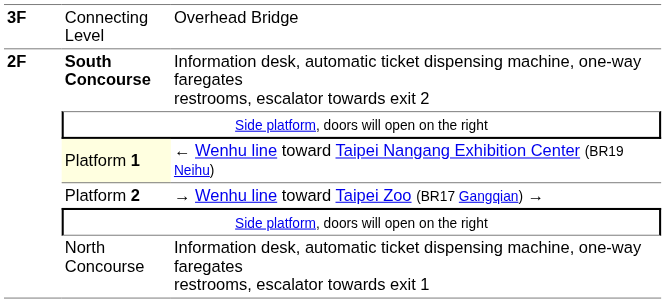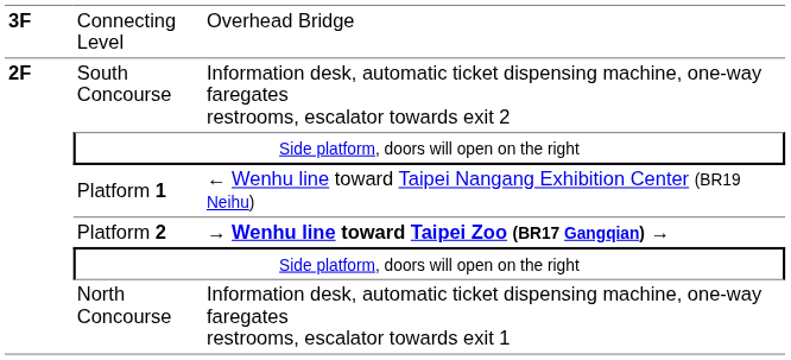 <table table border=0 cellspacing=0 cellpadding=3>
 <tr>
 <td style="border-bottom:solid 1px gray;border-top:solid 1px gray;" width=50 valign=top><strong>3F</strong></td>
 <td style="border-top:solid 1px gray;border-bottom:solid 1px gray;" width=100 valign=top>Connecting Level</td>
 <td style="border-top:solid 1px gray;border-bottom:solid 1px gray;" width=470 valign=top>Overhead Bridge</td>
 </tr>
 <tr>
 <td style="border-bottom:solid 1px gray;" width=50 rowspan=8 valign=top><strong>2F</strong></td>
 </tr>
 <tr>
-<td style="border-top:solid 0px white;" valign=top><strong>South Concourse</strong></td>
+<td style="border-top:solid 0px white;" valign=top>South Concourse</td>
 <td>Information desk, automatic ticket dispensing machine, one-way faregates<br>restrooms, escalator towards exit 2</td>
 </tr>
 <tr>
 <td style="border-right:solid 2px black;border-left:solid 2px black;border-bottom:solid 2px black;border-top:solid 1px gray;text-align:center;" colspan=2><small><a href='#'>Side platform</a>, doors will open on the right</small></td>
 </tr>
 <tr>
-<td style="background: lightyellow; border-bottom:solid 1px gray;" width=100>Platform <span><strong>1</strong></span></td>
+<td style="border-bottom:solid 1px gray;" width=100>Platform <span><strong>1</strong></span></td>
 <td style="border-bottom:solid 1px gray;" width=390>←  <a href='#'>Wenhu line</a> toward <a href='#'>Taipei Nangang Exhibition Center</a> <small>(BR19 <a href='#'>Neihu</a>)</small></td>
 </tr>
 <tr>
 <td>Platform <span><strong>2</strong></span></td>
-<td><span>→</span>  <a href='#'>Wenhu line</a> toward <a href='#'>Taipei Zoo</a> <small>(BR17 <a href='#'>Gangqian</a>)</small> →</td>
+<td><strong><span>→</span>  <a href='#'>Wenhu line</a> toward <a href='#'>Taipei Zoo</a> <small>(BR17 <a href='#'>Gangqian</a>)</small> →</strong></td>
 </tr>
 <tr>
 <td style="border-top:solid 2px black;border-right:solid 2px black;border-left:solid 2px black;border-bottom:solid 1px gray;text-align:center;" colspan=2><small><a href='#'>Side platform</a>, doors will open on the right</small></td>
 </tr>
 <tr>
 <td style="border-bottom:solid 1px gray;" valign=top>North Concourse</td>
 <td style="border-bottom:solid 1px gray;">Information desk, automatic ticket dispensing machine, one-way faregates<br>restrooms, escalator towards exit 1</td>
 </tr>
 </table>
